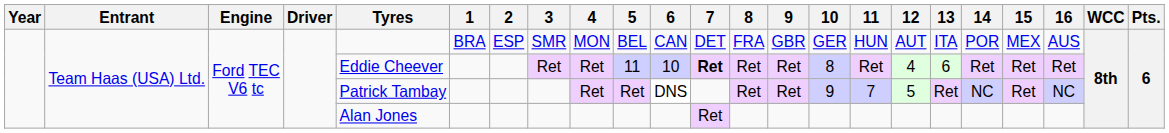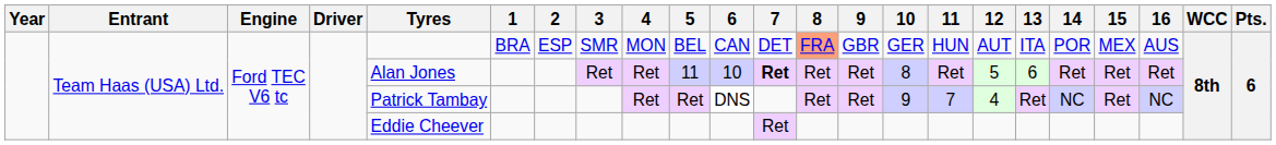 <table class="wikitable" style="text-align:center; font-size:95%">
 <tr>
 <th>Year</th>
 <th>Entrant</th>
 <th>Engine</th>
 <th>Driver</th>
 <th>Tyres</th>
 <th>1</th>
 <th>2</th>
 <th>3</th>
 <th>4</th>
 <th>5</th>
 <th>6</th>
 <th>7</th>
 <th>8</th>
 <th>9</th>
 <th>10</th>
 <th>11</th>
 <th>12</th>
 <th>13</th>
 <th>14</th>
 <th>15</th>
 <th>16</th>
 <th>WCC</th>
 <th>Pts.</th>
 </tr>
 <tr>
 <td rowspan="4"></td>
 <td rowspan="4"><a href='#'>Team Haas (USA) Ltd.</a></td>
 <td rowspan="4"><a href='#'>Ford</a> <a href='#'>TEC</a><br><a href='#'>V6</a> <a href='#'>tc</a></td>
 <td rowspan="4"></td>
 <td></td>
 <td><a href='#'>BRA</a></td>
 <td><a href='#'>ESP</a></td>
 <td><a href='#'>SMR</a></td>
 <td><a href='#'>MON</a></td>
 <td><a href='#'>BEL</a></td>
 <td><a href='#'>CAN</a></td>
 <td><a href='#'>DET</a></td>
-<td><a href='#'>FRA</a></td>
+<td style="background: lightsalmon;"><a href='#'>FRA</a></td>
 <td><a href='#'>GBR</a></td>
 <td><a href='#'>GER</a></td>
 <td><a href='#'>HUN</a></td>
 <td><a href='#'>AUT</a></td>
 <td><a href='#'>ITA</a></td>
 <td><a href='#'>POR</a></td>
 <td><a href='#'>MEX</a></td>
 <td><a href='#'>AUS</a></td>
 <th rowspan="4">8th</th>
 <th rowspan="4">6</th>
 </tr>
 <tr>
-<td align="left"><a href='#'>Eddie Cheever</a></td>
+<td align="left"><a href='#'>Alan Jones</a></td>
 <td></td>
 <td></td>
 <td style="background:#efcfff;">Ret</td>
 <td style="background:#efcfff;">Ret</td>
 <td style="background:#cfcfff;">11</td>
 <td style="background:#cfcfff;">10</td>
 <td style="background:#efcfff;"><strong>Ret</strong></td>
 <td style="background:#efcfff;">Ret</td>
 <td style="background:#efcfff;">Ret</td>
 <td style="background:#cfcfff;">8</td>
 <td style="background:#efcfff;">Ret</td>
-<td style="background:#dfffdf;">4</td>
+<td style="background:#dfffdf;">5</td>
 <td style="background:#dfffdf;">6</td>
 <td style="background:#efcfff;">Ret</td>
 <td style="background:#efcfff;">Ret</td>
 <td style="background:#efcfff;">Ret</td>
 </tr>
 <tr>
 <td align="left"><a href='#'>Patrick Tambay</a></td>
 <td></td>
 <td></td>
 <td></td>
 <td style="background:#efcfff;">Ret</td>
 <td style="background:#efcfff;">Ret</td>
 <td style="background:#ffffff;">DNS</td>
 <td></td>
 <td style="background:#efcfff;">Ret</td>
 <td style="background:#efcfff;">Ret</td>
 <td style="background:#cfcfff;">9</td>
 <td style="background:#cfcfff;">7</td>
-<td style="background:#dfffdf;">5</td>
+<td style="background:#dfffdf;">4</td>
 <td style="background:#efcfff;">Ret</td>
 <td style="background:#cfcfff;">NC</td>
 <td style="background:#efcfff;">Ret</td>
 <td style="background:#cfcfff;">NC</td>
 </tr>
 <tr>
-<td align="left"><a href='#'>Alan Jones</a></td>
+<td align="left"><a href='#'>Eddie Cheever</a></td>
 <td></td>
 <td></td>
 <td></td>
 <td></td>
 <td></td>
 <td></td>
 <td style="background:#efcfff;">Ret</td>
 <td></td>
 <td></td>
 <td></td>
 <td></td>
 <td></td>
 <td></td>
 <td></td>
 <td></td>
 <td></td>
 </tr>
 </table>
